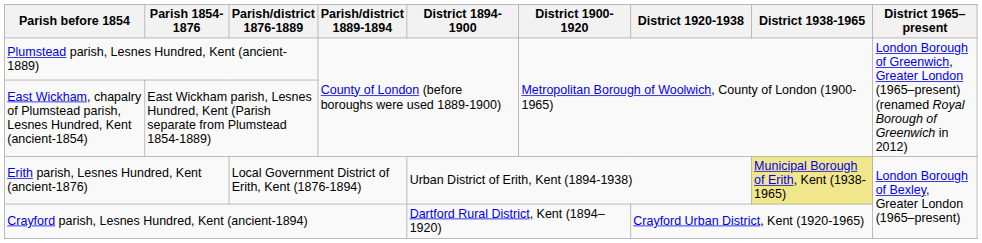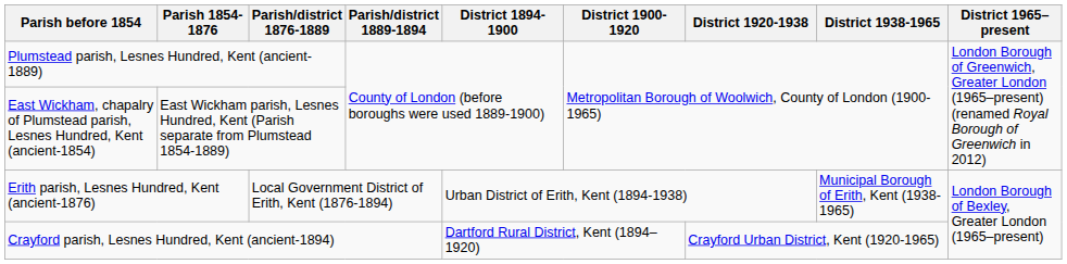 <table class="wikitable">
 <tr>
 <th width=15%;>Parish before 1854</th>
 <th width=9%;>Parish 1854-1876</th>
 <th width=8%;>Parish/district 1876-1889</th>
 <th width=7%;>Parish/district 1889-1894</th>
 <th width=12%;>District 1894-1900</th>
 <th width=12%;>District 1900-1920</th>
 <th width=13%;>District 1920-1938</th>
 <th width=13%;>District 1938-1965</th>
 <th width=11%;>District 1965–present</th>
 </tr>
 <tr>
 <td colspan="3"><a href='#'>Plumstead</a> parish, Lesnes Hundred, Kent (ancient-1889)</td>
 <td colspan="2" rowspan="2"><a href='#'>County of London</a> (before boroughs were used 1889-1900)</td>
 <td colspan="3" rowspan="2"><a href='#'>Metropolitan Borough of Woolwich</a>, County of London (1900-1965)</td>
 <td rowspan="2"><a href='#'>London Borough of Greenwich</a>, <a href='#'>Greater London</a> (1965–present) (renamed <em>Royal Borough of Greenwich</em> in 2012)</td>
 </tr>
 <tr>
 <td><a href='#'>East Wickham</a>, chapalry of Plumstead parish, Lesnes Hundred, Kent (ancient-1854)</td>
 <td colspan="2">East Wickham parish, Lesnes Hundred, Kent (Parish separate from Plumstead 1854-1889)</td>
 </tr>
 <tr>
 <td colspan="2"><a href='#'>Erith</a> parish, Lesnes Hundred, Kent (ancient-1876)</td>
 <td colspan="2">Local Government District of Erith, Kent (1876-1894)</td>
 <td colspan="3">Urban District of Erith, Kent (1894-1938)</td>
-<td style="background: khaki;"><a href='#'>Municipal Borough of Erith</a>, Kent (1938-1965)</td>
+<td><a href='#'>Municipal Borough of Erith</a>, Kent (1938-1965)</td>
 <td rowspan="2"><a href='#'>London Borough of Bexley</a>, Greater London  (1965–present)</td>
 </tr>
 <tr>
 <td colspan="4"><a href='#'>Crayford</a> parish, Lesnes Hundred, Kent (ancient-1894)</td>
 <td colspan="2"><a href='#'>Dartford Rural District</a>, Kent (1894–1920)</td>
 <td colspan="2"><a href='#'>Crayford Urban District</a>, Kent (1920-1965)</td>
 </tr>
 </table>
